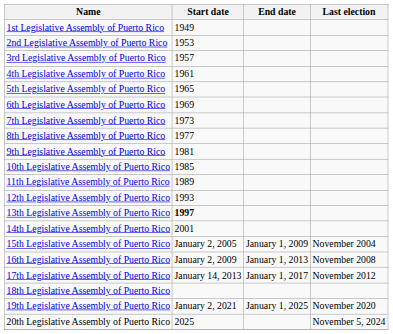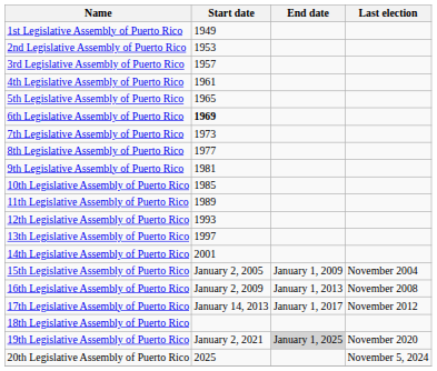 <table class="wikitable mw-datatable sticky-header">
 <tr>
 <th>Name</th>
 <th>Start date</th>
 <th>End date</th>
 <th>Last election</th>
 </tr>
 <tr>
 <td><a href='#'>1st Legislative Assembly of Puerto Rico</a></td>
 <td>1949</td>
 <td></td>
 <td></td>
 </tr>
 <tr>
 <td><a href='#'>2nd Legislative Assembly of Puerto Rico</a></td>
 <td>1953</td>
 <td></td>
 <td></td>
 </tr>
 <tr>
 <td><a href='#'>3rd Legislative Assembly of Puerto Rico</a></td>
 <td>1957</td>
 <td></td>
 <td></td>
 </tr>
 <tr>
 <td><a href='#'>4th Legislative Assembly of Puerto Rico</a></td>
 <td>1961</td>
 <td></td>
 <td></td>
 </tr>
 <tr>
 <td><a href='#'>5th Legislative Assembly of Puerto Rico</a></td>
 <td>1965</td>
 <td></td>
 <td></td>
 </tr>
 <tr>
 <td><a href='#'>6th Legislative Assembly of Puerto Rico</a></td>
-<td>1969</td>
+<td><strong>1969</strong></td>
 <td></td>
 <td></td>
 </tr>
 <tr>
 <td><a href='#'>7th Legislative Assembly of Puerto Rico</a></td>
 <td>1973</td>
 <td></td>
 <td></td>
 </tr>
 <tr>
 <td><a href='#'>8th Legislative Assembly of Puerto Rico</a></td>
 <td>1977</td>
 <td></td>
 <td></td>
 </tr>
 <tr>
 <td><a href='#'>9th Legislative Assembly of Puerto Rico</a></td>
 <td>1981</td>
 <td></td>
 <td></td>
 </tr>
 <tr>
 <td><a href='#'>10th Legislative Assembly of Puerto Rico</a></td>
 <td>1985</td>
 <td></td>
 <td></td>
 </tr>
 <tr>
 <td><a href='#'>11th Legislative Assembly of Puerto Rico</a></td>
 <td>1989</td>
 <td></td>
 <td></td>
 </tr>
 <tr>
 <td><a href='#'>12th Legislative Assembly of Puerto Rico</a></td>
 <td>1993</td>
 <td></td>
 <td></td>
 </tr>
 <tr>
 <td><a href='#'>13th Legislative Assembly of Puerto Rico</a></td>
-<td><strong>1997</strong></td>
+<td>1997</td>
 <td></td>
 <td></td>
 </tr>
 <tr>
 <td><a href='#'>14th Legislative Assembly of Puerto Rico</a></td>
 <td>2001</td>
 <td></td>
 <td></td>
 </tr>
 <tr>
 <td><a href='#'>15th Legislative Assembly of Puerto Rico</a></td>
 <td>January 2, 2005</td>
 <td>January 1, 2009</td>
 <td>November 2004</td>
 </tr>
 <tr>
 <td><a href='#'>16th Legislative Assembly of Puerto Rico</a></td>
 <td>January 2, 2009</td>
 <td>January 1, 2013</td>
 <td>November 2008</td>
 </tr>
 <tr>
 <td><a href='#'>17th Legislative Assembly of Puerto Rico</a></td>
 <td>January 14, 2013</td>
 <td>January 1, 2017</td>
 <td>November 2012</td>
 </tr>
 <tr>
 <td><a href='#'>18th Legislative Assembly of Puerto Rico</a></td>
 <td></td>
 <td></td>
 <td></td>
 </tr>
 <tr>
 <td><a href='#'>19th Legislative Assembly of Puerto Rico</a></td>
 <td>January 2, 2021</td>
-<td>January 1, 2025</td>
+<td style="background: lightgrey;">January 1, 2025</td>
 <td>November 2020</td>
 </tr>
 <tr>
 <td>20th Legislative Assembly of Puerto Rico</td>
 <td>2025</td>
 <td></td>
 <td>November 5, 2024</td>
 </tr>
 <tr>
 </tr>
 </table>
